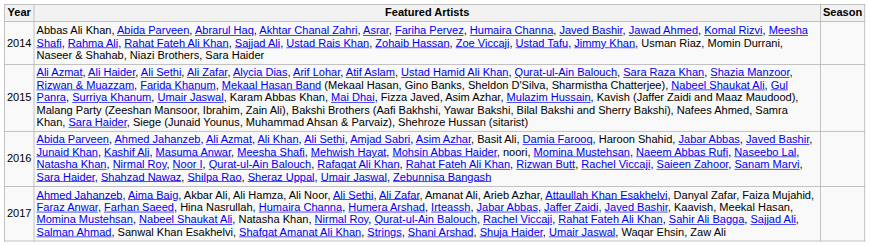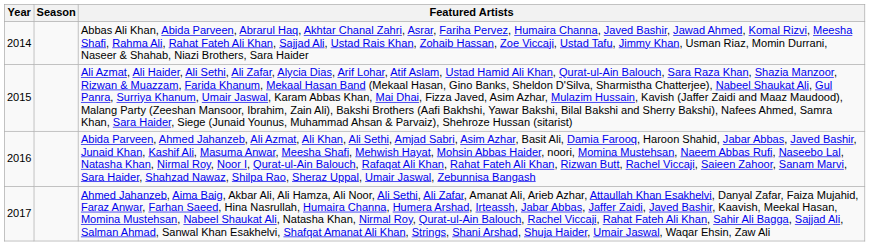 <table class="wikitable">
 <tr>
 <th>Year</th>
+<th>Season</th>
 <th>Featured Artists</th>
-<th>Season</th>
 </tr>
 <tr>
 <td>2014</td>
+<td></td>
 <td>Abbas Ali Khan, <a href='#'>Abida Parveen</a>, <a href='#'>Abrarul Haq</a>, <a href='#'>Akhtar Chanal Zahri</a>, <a href='#'>Asrar</a>, <a href='#'>Fariha Pervez</a>, <a href='#'>Humaira Channa</a>, <a href='#'>Javed Bashir</a>, <a href='#'>Jawad Ahmed</a>, <a href='#'>Komal Rizvi</a>, <a href='#'>Meesha Shafi</a>, <a href='#'>Rahma Ali</a>, <a href='#'>Rahat Fateh Ali Khan</a>, <a href='#'>Sajjad Ali</a>, <a href='#'>Ustad Rais Khan</a>, <a href='#'>Zohaib Hassan</a>, <a href='#'>Zoe Viccaji</a>, <a href='#'>Ustad Tafu</a>, <a href='#'>Jimmy Khan</a>, Usman Riaz, Momin Durrani, Naseer & Shahab, Niazi Brothers, Sara Haider</td>
-<td></td>
 </tr>
 <tr>
 <td>2015</td>
+<td></td>
 <td><a href='#'>Ali Azmat</a>, <a href='#'>Ali Haider</a>, <a href='#'>Ali Sethi</a>, <a href='#'>Ali Zafar</a>, <a href='#'>Alycia Dias</a>, <a href='#'>Arif Lohar</a>, <a href='#'>Atif Aslam</a>, <a href='#'>Ustad Hamid Ali Khan</a>, <a href='#'>Qurat-ul-Ain Balouch</a>, <a href='#'>Sara Raza Khan</a>, <a href='#'>Shazia Manzoor</a>, <a href='#'>Rizwan & Muazzam</a>, <a href='#'>Farida Khanum</a>, <a href='#'>Mekaal Hasan Band</a> (Mekaal Hasan, Gino Banks, Sheldon D'Silva, Sharmistha Chatterjee), <a href='#'>Nabeel Shaukat Ali</a>, <a href='#'>Gul Panra</a>, <a href='#'>Surriya Khanum</a>, <a href='#'>Umair Jaswal</a>, Karam Abbas Khan, <a href='#'>Mai Dhai</a>, Fizza Javed, Asim Azhar, <a href='#'>Mulazim Hussain</a>, Kavish (Jaffer Zaidi and Maaz Maudood), Malang Party (Zeeshan Mansoor, Ibrahim, Zain Ali), Bakshi Brothers (Aafi Bakhshi, Yawar Bakshi, Bilal Bakshi and Sherry Bakshi), Nafees Ahmed, Samra Khan, <a href='#'>Sara Haider</a>, Siege (Junaid Younus, Muhammad Ahsan & Parvaiz), Shehroze Hussan (sitarist)</td>
-<td></td>
 </tr>
 <tr>
 <td>2016</td>
+<td></td>
 <td><a href='#'>Abida Parveen</a>, <a href='#'>Ahmed Jahanzeb</a>, <a href='#'>Ali Azmat</a>, <a href='#'>Ali Khan</a>, <a href='#'>Ali Sethi</a>, <a href='#'>Amjad Sabri</a>, <a href='#'>Asim Azhar</a>, Basit Ali, <a href='#'>Damia Farooq</a>, Haroon Shahid, <a href='#'>Jabar Abbas</a>, <a href='#'>Javed Bashir</a>, <a href='#'>Junaid Khan</a>, <a href='#'>Kashif Ali</a>, <a href='#'>Masuma Anwar</a>, <a href='#'>Meesha Shafi</a>, <a href='#'>Mehwish Hayat</a>, <a href='#'>Mohsin Abbas Haider</a>, noori, <a href='#'>Momina Mustehsan</a>, <a href='#'>Naeem Abbas Rufi</a>, <a href='#'>Naseebo Lal</a>, <a href='#'>Natasha Khan</a>, <a href='#'>Nirmal Roy</a>, <a href='#'>Noor I</a>, <a href='#'>Qurat-ul-Ain Balouch</a>, <a href='#'>Rafaqat Ali Khan</a>, <a href='#'>Rahat Fateh Ali Khan</a>, <a href='#'>Rizwan Butt</a>, <a href='#'>Rachel Viccaji</a>, <a href='#'>Saieen Zahoor</a>, <a href='#'>Sanam Marvi</a>, <a href='#'>Sara Haider</a>, <a href='#'>Shahzad Nawaz</a>, <a href='#'>Shilpa Rao</a>, <a href='#'>Sheraz Uppal</a>, <a href='#'>Umair Jaswal</a>, <a href='#'>Zebunnisa Bangash</a></td>
-<td></td>
 </tr>
 <tr>
 <td>2017</td>
+<td></td>
 <td><a href='#'>Ahmed Jahanzeb</a>, <a href='#'>Aima Baig</a>, Akbar Ali, Ali Hamza, Ali Noor, <a href='#'>Ali Sethi</a>, <a href='#'>Ali Zafar</a>, Amanat Ali, Arieb Azhar, <a href='#'>Attaullah Khan Esakhelvi</a>, Danyal Zafar, Faiza Mujahid, <a href='#'>Faraz Anwar</a>, <a href='#'>Farhan Saeed</a>, Hina Nasrullah, <a href='#'>Humaira Channa</a>, <a href='#'>Humera Arshad</a>, <a href='#'>Irteassh</a>, <a href='#'>Jabar Abbas</a>, <a href='#'>Jaffer Zaidi</a>, <a href='#'>Javed Bashir</a>, Kaavish, Meekal Hasan, <a href='#'>Momina Mustehsan</a>, <a href='#'>Nabeel Shaukat Ali</a>, Natasha Khan, <a href='#'>Nirmal Roy</a>, <a href='#'>Qurat-ul-Ain Balouch</a>, <a href='#'>Rachel Viccaji</a>, <a href='#'>Rahat Fateh Ali Khan</a>, <a href='#'>Sahir Ali Bagga</a>, <a href='#'>Sajjad Ali</a>, <a href='#'>Salman Ahmad</a>, Sanwal Khan Esakhelvi, <a href='#'>Shafqat Amanat Ali Khan</a>, <a href='#'>Strings</a>, <a href='#'>Shani Arshad</a>, <a href='#'>Shuja Haider</a>, <a href='#'>Umair Jaswal</a>, Waqar Ehsin, Zaw Ali</td>
-<td></td>
 </tr>
 </table>
